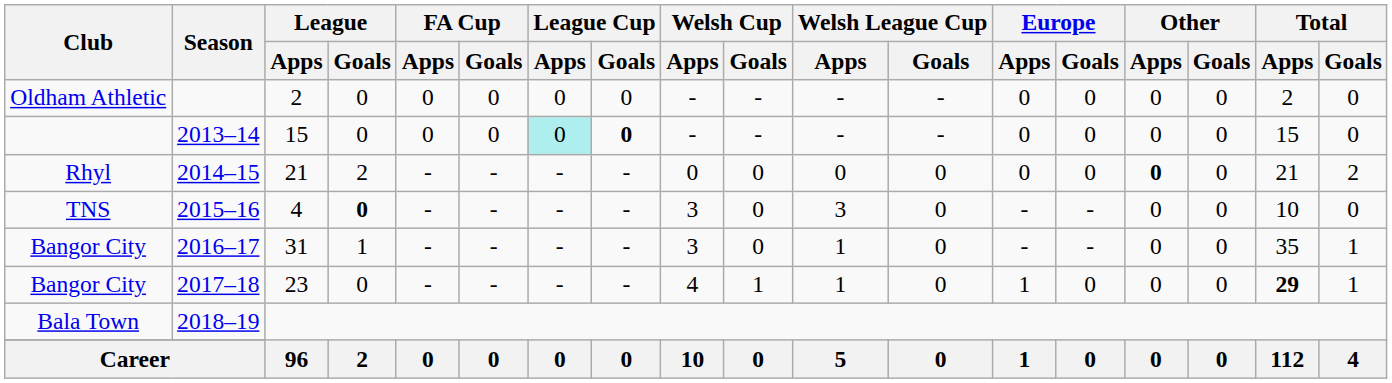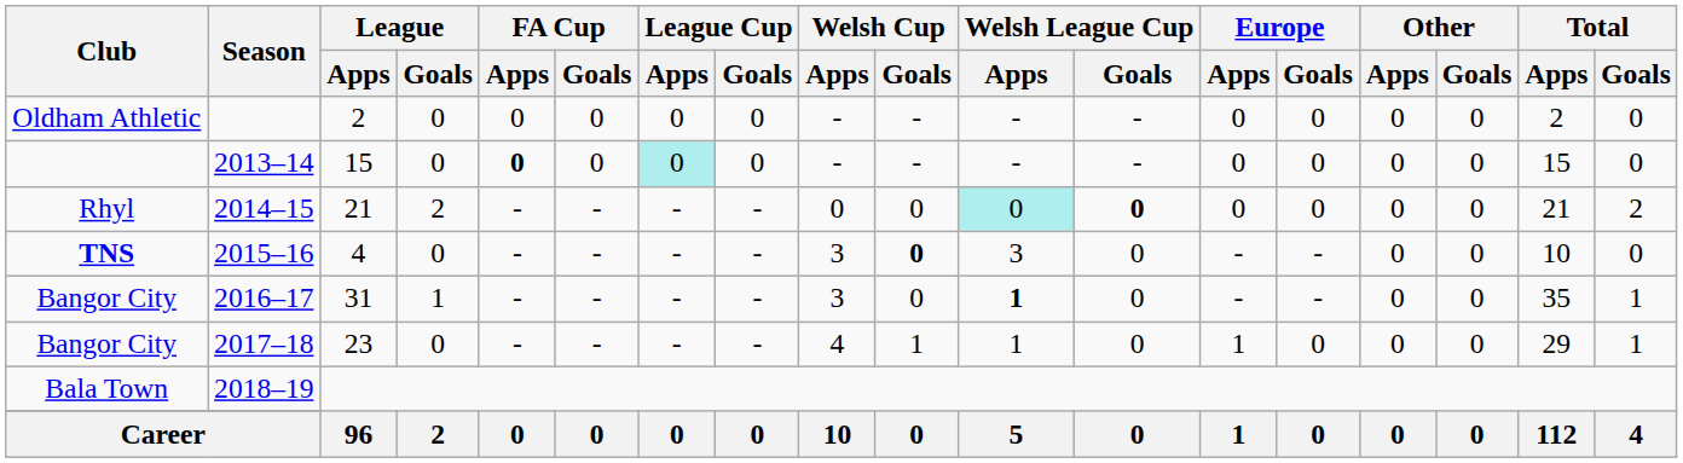 <table class="wikitable" style="text-align:center">
 <tr>
 <th rowspan="2">Club</th>
 <th rowspan="2">Season</th>
 <th colspan="2">League</th>
 <th colspan="2">FA Cup</th>
 <th colspan="2">League Cup</th>
 <th colspan="2">Welsh Cup</th>
 <th colspan="2">Welsh League Cup</th>
 <th colspan="2"><a href='#'>Europe</a></th>
 <th colspan="2">Other</th>
 <th colspan="2">Total</th>
 </tr>
 <tr>
 <th>Apps</th>
 <th>Goals</th>
 <th>Apps</th>
 <th>Goals</th>
 <th>Apps</th>
 <th>Goals</th>
 <th>Apps</th>
 <th>Goals</th>
 <th>Apps</th>
 <th>Goals</th>
 <th>Apps</th>
 <th>Goals</th>
 <th>Apps</th>
 <th>Goals</th>
 <th>Apps</th>
 <th>Goals</th>
 </tr>
 <tr>
 <td><a href='#'>Oldham Athletic</a></td>
 <td></td>
 <td>2</td>
 <td>0</td>
 <td>0</td>
 <td>0</td>
 <td>0</td>
 <td>0</td>
 <td>-</td>
 <td>-</td>
 <td>-</td>
 <td>-</td>
 <td>0</td>
 <td>0</td>
 <td>0</td>
 <td>0</td>
 <td>2</td>
 <td>0</td>
 </tr>
 <tr>
 <td></td>
 <td><a href='#'>2013–14</a></td>
 <td>15</td>
 <td>0</td>
-<td>0</td>
+<td><strong>0</strong></td>
 <td>0</td>
 <td style="background: paleturquoise;">0</td>
-<td><strong>0</strong></td>
+<td>0</td>
 <td>-</td>
 <td>-</td>
 <td>-</td>
 <td>-</td>
 <td>0</td>
 <td>0</td>
 <td>0</td>
 <td>0</td>
 <td>15</td>
 <td>0</td>
 </tr>
 <tr>
 <td><a href='#'>Rhyl</a></td>
 <td><a href='#'>2014–15</a></td>
 <td>21</td>
 <td>2</td>
 <td>-</td>
 <td>-</td>
 <td>-</td>
 <td>-</td>
 <td>0</td>
 <td>0</td>
+<td style="background: paleturquoise;">0</td>
+<td><strong>0</strong></td>
 <td>0</td>
 <td>0</td>
 <td>0</td>
-<td>0</td>
-<td><strong>0</strong></td>
 <td>0</td>
 <td>21</td>
 <td>2</td>
 </tr>
 <tr>
-<td><a href='#'>TNS</a></td>
+<td><strong><a href='#'>TNS</a></strong></td>
 <td><a href='#'>2015–16</a></td>
 <td>4</td>
-<td><strong>0</strong></td>
+<td>0</td>
 <td>-</td>
 <td>-</td>
 <td>-</td>
 <td>-</td>
 <td>3</td>
-<td>0</td>
+<td><strong>0</strong></td>
 <td>3</td>
 <td>0</td>
 <td>-</td>
 <td>-</td>
 <td>0</td>
 <td>0</td>
 <td>10</td>
 <td>0</td>
 </tr>
 <tr>
 <td><a href='#'>Bangor City</a></td>
 <td><a href='#'>2016–17</a></td>
 <td>31</td>
 <td>1</td>
 <td>-</td>
 <td>-</td>
 <td>-</td>
 <td>-</td>
 <td>3</td>
 <td>0</td>
-<td>1</td>
+<td><strong>1</strong></td>
 <td>0</td>
 <td>-</td>
 <td>-</td>
 <td>0</td>
 <td>0</td>
 <td>35</td>
 <td>1</td>
 </tr>
 <tr>
 <td><a href='#'>Bangor City</a></td>
 <td><a href='#'>2017–18</a></td>
 <td>23</td>
 <td>0</td>
 <td>-</td>
 <td>-</td>
 <td>-</td>
 <td>-</td>
 <td>4</td>
 <td>1</td>
 <td>1</td>
 <td>0</td>
 <td>1</td>
 <td>0</td>
 <td>0</td>
 <td>0</td>
-<td><strong>29</strong></td>
+<td>29</td>
 <td>1</td>
 </tr>
 <tr>
 <td><a href='#'>Bala Town</a></td>
 <td><a href='#'>2018–19</a></td>
 </tr>
 <tr ||-||-||-||-||-||-||-||-||-|||-||-||-||-||-||->
 </tr>
 <tr>
 <th colspan="2">Career</th>
 <th>96</th>
 <th>2</th>
 <th>0</th>
 <th>0</th>
 <th>0</th>
 <th>0</th>
 <th>10</th>
 <th>0</th>
 <th>5</th>
 <th>0</th>
 <th>1</th>
 <th>0</th>
 <th>0</th>
 <th>0</th>
 <th>112</th>
 <th>4</th>
 </tr>
 </table>
